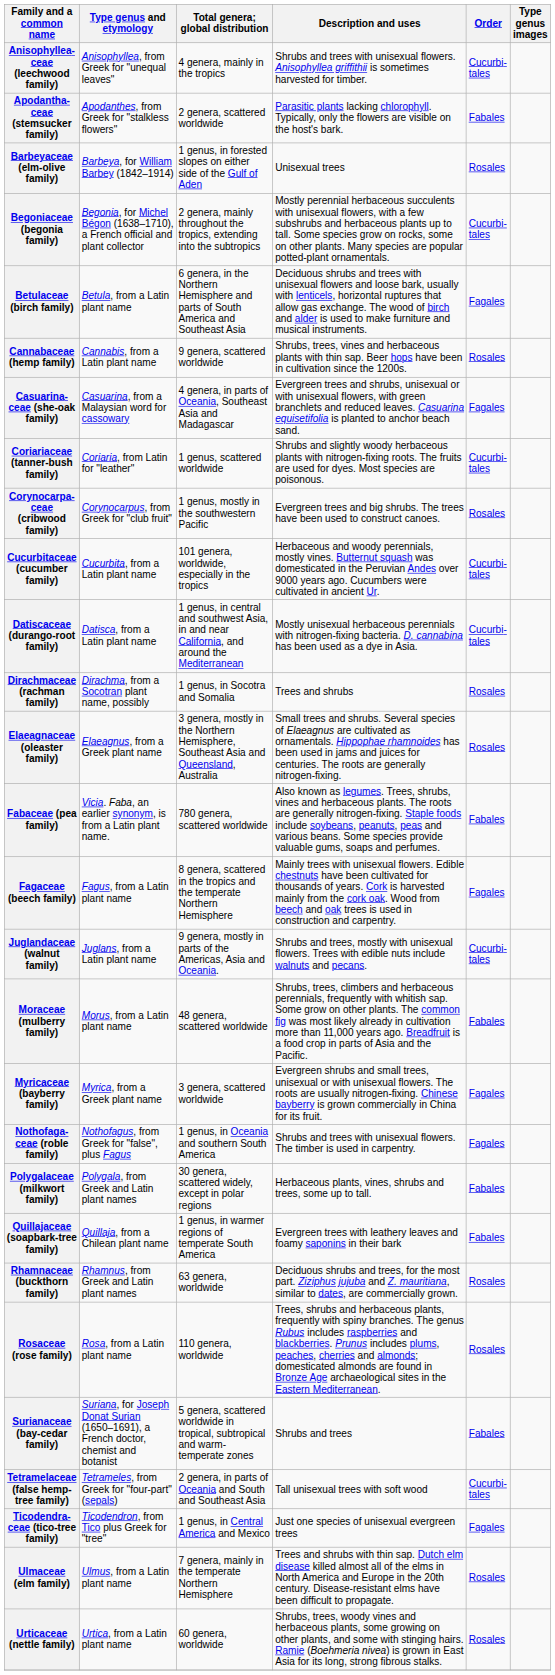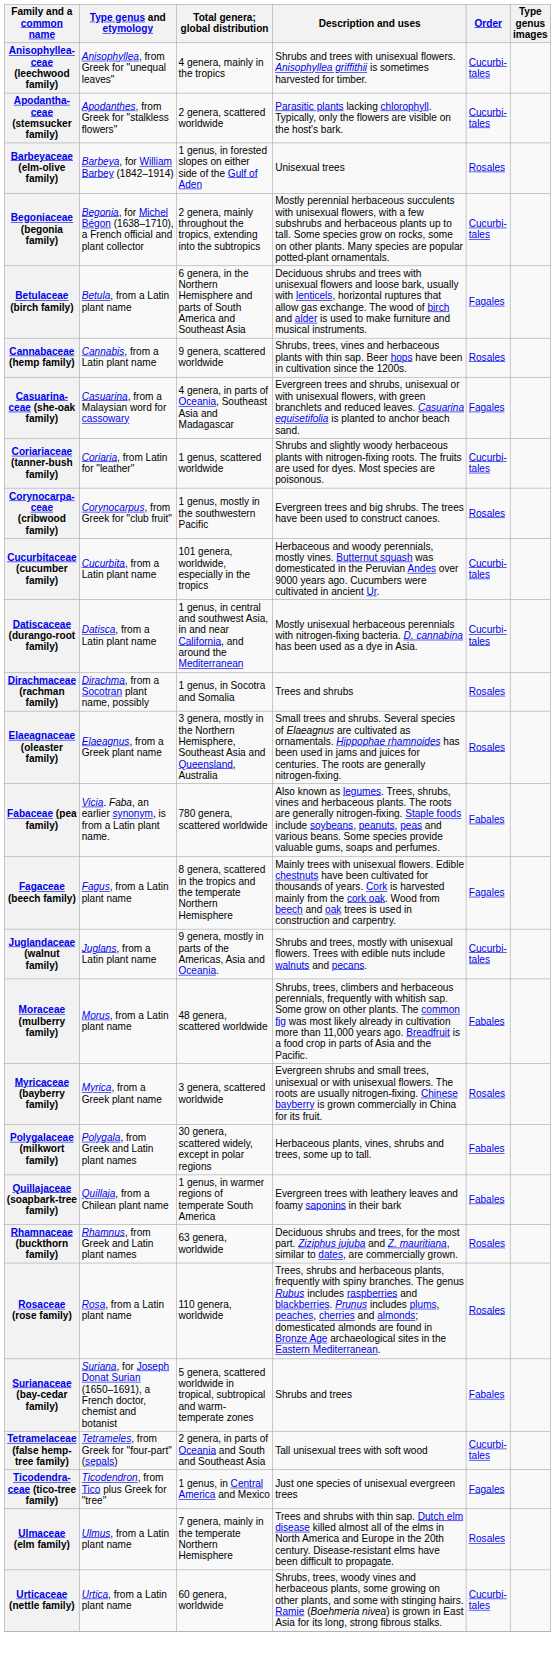 <table class="sortable wikitable plainrowheaders">
 <tr>
 <th scope="col" width="1%">Family and a <a href='#'>common name</a></th>
 <th scope="col" width="15%"><a href='#'>Type genus</a> and <a href='#'>etymology</a></th>
 <th scope="col" width="15%">Total genera; global distribution</th>
 <th scope="col" class=unsortable width="30%" style="min-width:160px;">Description and uses</th>
 <th scope="col" width="1%"><a href='#'>Order</a></th>
 <th scope="col" class=unsortable width="1%">Type genus images</th>
 </tr>
 <tr>
 <th scope="row"><a href='#'>Anisophyllea­ceae</a> (leechwood family)</th>
 <td><em><a href='#'>Anisophyllea</a></em>, from Greek for "unequal leaves"</td>
 <td>4 genera, mainly in the tropics</td>
 <td>Shrubs and trees with unisexual flowers. <em><a href='#'>Anisophyllea griffithii</a></em> is sometimes harvested for timber.</td>
 <td><a href='#'>Cucurbi­tales</a></td>
 <td></td>
 </tr>
 <tr>
 <th scope="row"><a href='#'>Apodantha­ceae</a> (stemsucker family)</th>
 <td><em><a href='#'>Apodanthes</a></em>, from Greek for "stalkless flowers"</td>
 <td>2 genera, scattered worldwide</td>
 <td><a href='#'>Parasitic plants</a> lacking <a href='#'>chlorophyll</a>. Typically, only the flowers are visible on the host's bark.</td>
-<td><a href='#'>Fabales</a></td>
+<td><a href='#'>Cucurbi­tales</a></td>
 <td></td>
 </tr>
 <tr>
 <th scope="row"><a href='#'>Barbeyaceae</a> (elm-olive family)</th>
 <td><em><a href='#'>Barbeya</a></em>, for <a href='#'>William Barbey</a> (1842–1914)</td>
 <td>1 genus, in forested slopes on either side of the <a href='#'>Gulf of Aden</a></td>
 <td>Unisexual trees</td>
 <td><a href='#'>Rosales</a></td>
 <td></td>
 </tr>
 <tr>
 <th scope="row"><a href='#'>Begoniaceae</a> (begonia family)</th>
 <td><em><a href='#'>Begonia</a></em>, for <a href='#'>Michel Bégon</a> (1638–1710), a French official and plant collector</td>
 <td>2 genera, mainly throughout the tropics, extending into the subtropics</td>
 <td>Mostly perennial herbaceous succulents with unisexual flowers, with a few subshrubs and herbaceous plants up to  tall. Some species grow on rocks, some on other plants. Many species are popular potted-plant ornamentals.</td>
 <td><a href='#'>Cucurbi­tales</a></td>
 <td></td>
 </tr>
 <tr>
 <th scope="row"><a href='#'>Betulaceae</a> (birch family)</th>
 <td><em><a href='#'>Betula</a></em>, from a Latin plant name</td>
 <td>6 genera, in the Northern Hemisphere and parts of South America and Southeast Asia</td>
 <td>Deciduous shrubs and trees with unisexual flowers and loose bark, usually with <a href='#'>lenticels</a>, horizontal ruptures that allow gas exchange. The wood of <a href='#'>birch</a> and <a href='#'>alder</a> is used to make furniture and musical instruments.</td>
 <td><a href='#'>Fagales</a></td>
 <td></td>
 </tr>
 <tr>
 <th scope="row"><a href='#'>Cannabaceae</a> (hemp family)</th>
 <td><em><a href='#'>Cannabis</a></em>, from a Latin plant name</td>
 <td>9 genera, scattered worldwide</td>
 <td>Shrubs, trees, vines and herbaceous plants with thin sap. Beer <a href='#'>hops</a> have been in cultivation since the 1200s.</td>
 <td><a href='#'>Rosales</a></td>
 <td></td>
 </tr>
 <tr>
 <th scope="row"><a href='#'>Casuarina­ceae</a> (she-oak family)</th>
 <td><em><a href='#'>Casuarina</a></em>, from a Malaysian word for <a href='#'>cassowary</a></td>
 <td>4 genera, in parts of <a href='#'>Oceania</a>, Southeast Asia and Madagascar</td>
 <td>Evergreen trees and shrubs,  unisexual or with unisexual flowers, with green branchlets and reduced leaves. <em><a href='#'>Casuarina equisetifolia</a></em> is planted to anchor beach sand.</td>
 <td><a href='#'>Fagales</a></td>
 <td></td>
 </tr>
 <tr>
 <th scope="row"><a href='#'>Coriariaceae</a> (tanner-bush family)</th>
 <td><em><a href='#'>Coriaria</a></em>, from Latin for "leather"</td>
 <td>1 genus, scattered worldwide</td>
 <td>Shrubs and slightly woody herbaceous plants with nitrogen-fixing roots. The fruits are used for dyes. Most species are poisonous.</td>
 <td><a href='#'>Cucurbi­tales</a></td>
 <td></td>
 </tr>
 <tr>
 <th scope="row"><a href='#'>Corynocarpa­ceae</a> (cribwood family)</th>
 <td><em><a href='#'>Corynocarpus</a></em>, from Greek for "club fruit"</td>
 <td>1 genus, mostly in the southwestern Pacific</td>
 <td>Evergreen trees and big shrubs. The trees have been used to construct canoes.</td>
 <td><a href='#'>Rosales</a></td>
 <td></td>
 </tr>
 <tr>
 <th scope="row"><a href='#'>Cucurbitaceae</a> (cucumber family)</th>
 <td><em><a href='#'>Cucurbita</a></em>, from a Latin plant name</td>
 <td>101 genera, worldwide, especially in the tropics</td>
 <td>Herbaceous and woody perennials, mostly vines. <a href='#'>Butternut squash</a> was domesticated in the Peruvian <a href='#'>Andes</a> over 9000 years ago. Cucumbers were cultivated in ancient <a href='#'>Ur</a>.</td>
 <td><a href='#'>Cucurbi­tales</a></td>
 <td></td>
 </tr>
 <tr>
 <th scope="row"><a href='#'>Datiscaceae</a> (durango-root family)</th>
 <td><em><a href='#'>Datisca</a></em>, from a Latin plant name</td>
 <td>1 genus, in central and southwest Asia, in and near <a href='#'>California</a>, and around the <a href='#'>Mediterranean</a></td>
 <td>Mostly unisexual herbaceous perennials with nitrogen-fixing bacteria. <em><a href='#'>D. cannabina</a></em> has been used as a dye in Asia.</td>
 <td><a href='#'>Cucurbi­tales</a></td>
 <td></td>
 </tr>
 <tr>
 <th scope="row"><a href='#'>Dirachmaceae</a> (rachman family)</th>
 <td><em><a href='#'>Dirachma</a></em>, from a <a href='#'>Socotran</a> plant name, possibly</td>
 <td>1 genus, in Socotra and Somalia</td>
 <td>Trees and shrubs</td>
 <td><a href='#'>Rosales</a></td>
 <td></td>
 </tr>
 <tr>
 <th scope="row"><a href='#'>Elaeagnaceae</a> (oleaster family)</th>
 <td><em><a href='#'>Elaeagnus</a></em>, from a Greek plant name</td>
 <td>3 genera, mostly in the Northern Hemisphere, Southeast Asia and <a href='#'>Queensland</a>, Australia</td>
 <td>Small trees and shrubs. Several species of <em>Elaeagnus</em> are cultivated as ornamentals. <em><a href='#'>Hippophae rhamnoides</a></em> has been used in jams and juices for centuries. The roots are generally nitrogen-fixing.</td>
 <td><a href='#'>Rosales</a></td>
 <td></td>
 </tr>
 <tr>
 <th scope="row"><a href='#'>Fabaceae</a> (pea family)</th>
 <td><em><a href='#'>Vicia</a></em>. <em>Faba</em>, an earlier <a href='#'>synonym</a>, is from a Latin plant name.</td>
 <td>780 genera, scattered worldwide</td>
 <td>Also known as <a href='#'>legumes</a>. Trees, shrubs, vines and herbaceous plants. The roots are generally nitrogen-fixing. <a href='#'>Staple foods</a> include <a href='#'>soybeans</a>, <a href='#'>peanuts</a>, <a href='#'>peas</a> and various beans. Some species provide valuable gums, soaps and perfumes.</td>
 <td><a href='#'>Fabales</a></td>
 <td></td>
 </tr>
 <tr>
 <th scope="row"><a href='#'>Fagaceae</a> (beech family)</th>
 <td><em><a href='#'>Fagus</a></em>, from a Latin plant name</td>
 <td>8 genera, scattered in the tropics and the temperate  Northern Hemisphere</td>
 <td>Mainly trees with unisexual flowers. Edible <a href='#'>chestnuts</a> have been cultivated for thousands of years. <a href='#'>Cork</a> is harvested mainly from the <a href='#'>cork oak</a>. Wood from <a href='#'>beech</a> and <a href='#'>oak</a> trees is used in construction and carpentry.</td>
 <td><a href='#'>Fagales</a></td>
 <td></td>
 </tr>
 <tr>
 <th scope="row"><a href='#'>Juglandaceae</a> (walnut family)</th>
 <td><em><a href='#'>Juglans</a></em>, from a Latin plant name</td>
 <td>9 genera, mostly in parts of the Americas, Asia and <a href='#'>Oceania</a>.</td>
 <td>Shrubs and trees, mostly with unisexual flowers. Trees with edible nuts include <a href='#'>walnuts</a> and <a href='#'>pecans</a>.</td>
 <td><a href='#'>Cucurbi­tales</a></td>
 <td></td>
 </tr>
 <tr>
 <th scope="row"><a href='#'>Moraceae</a> (mulberry family)</th>
 <td><em><a href='#'>Morus</a></em>, from a Latin plant name</td>
 <td>48 genera, scattered worldwide</td>
 <td>Shrubs, trees, climbers and herbaceous perennials, frequently with whitish sap. Some grow on other plants. The <a href='#'>common fig</a> was most likely already in cultivation more than 11,000 years ago. <a href='#'>Breadfruit</a> is a food crop in parts of Asia and the Pacific.</td>
 <td><a href='#'>Fabales</a></td>
 <td></td>
 </tr>
 <tr>
 <th scope="row"><a href='#'>Myricaceae</a> (bayberry family)</th>
 <td><em><a href='#'>Myrica</a></em>, from a Greek plant name</td>
 <td>3 genera, scattered worldwide</td>
 <td>Evergreen shrubs and small trees, unisexual or with unisexual flowers. The roots are usually nitrogen-fixing. <a href='#'>Chinese bayberry</a> is grown commercially in China for its fruit.</td>
-<td><a href='#'>Fagales</a></td>
-<td></td>
-</tr>
-<tr>
-<th scope="row"><a href='#'>Nothofaga­ceae</a> (roble family)</th>
-<td><em><a href='#'>Nothofagus</a></em>, from Greek for "false", plus <em><a href='#'>Fagus</a></em></td>
-<td>1 genus, in <a href='#'>Oceania</a> and southern South America</td>
-<td>Shrubs and trees with unisexual flowers. The timber is used in carpentry.</td>
-<td><a href='#'>Fagales</a></td>
+<td><a href='#'>Rosales</a></td>
 <td></td>
 </tr>
 <tr>
 <th scope="row"><a href='#'>Polygalaceae</a> (milkwort family)</th>
 <td><em><a href='#'>Polygala</a></em>, from Greek and Latin plant names</td>
 <td>30 genera, scattered widely, except in polar regions</td>
 <td>Herbaceous plants, vines, shrubs and trees, some up to  tall.</td>
 <td><a href='#'>Fabales</a></td>
 <td></td>
 </tr>
 <tr>
 <th scope="row"><a href='#'>Quillajaceae</a> (soapbark-tree family)</th>
 <td><em><a href='#'>Quillaja</a></em>, from a Chilean plant name</td>
 <td>1 genus, in warmer regions of temperate South America</td>
 <td>Evergreen trees with leathery leaves and foamy <a href='#'>saponins</a> in their bark</td>
 <td><a href='#'>Fabales</a></td>
 <td></td>
 </tr>
 <tr>
 <th scope="row"><a href='#'>Rhamnaceae</a> (buckthorn family)</th>
 <td><em><a href='#'>Rhamnus</a></em>, from Greek and Latin plant names</td>
 <td>63 genera, worldwide</td>
 <td>Deciduous shrubs and trees, for the most part. <em><a href='#'>Ziziphus jujuba</a></em> and <a href='#'><em>Z. mauritiana</em></a>, similar to <a href='#'>dates</a>, are commercially grown.</td>
 <td><a href='#'>Rosales</a></td>
 <td></td>
 </tr>
 <tr>
 <th scope="row"><a href='#'>Rosaceae</a> (rose family)</th>
 <td><em><a href='#'>Rosa</a></em>, from a Latin plant name</td>
 <td>110 genera, worldwide</td>
 <td>Trees, shrubs and herbaceous plants, frequently with spiny branches. The genus <em><a href='#'>Rubus</a></em> includes <a href='#'>raspberries</a> and <a href='#'>blackberries</a>. <em><a href='#'>Prunus</a></em> includes <a href='#'>plums</a>, <a href='#'>peaches</a>, <a href='#'>cherries</a> and <a href='#'>almonds</a>; domesticated almonds are found in <a href='#'>Bronze Age</a> archaeological sites in the <a href='#'>Eastern Mediterranean</a>.</td>
 <td><a href='#'>Rosales</a></td>
 <td></td>
 </tr>
 <tr>
 <th scope="row"><a href='#'>Surianaceae</a> (bay-cedar family)</th>
 <td><em><a href='#'>Suriana</a></em>, for <a href='#'>Joseph Donat Surian</a> (1650–1691), a French doctor, chemist and botanist</td>
 <td>5 genera, scattered worldwide in tropical, subtropical and warm-temperate zones</td>
 <td>Shrubs and trees</td>
 <td><a href='#'>Fabales</a></td>
 <td></td>
 </tr>
 <tr>
 <th scope="row"><a href='#'>Tetramelaceae</a> (false hemp-tree family)</th>
 <td><em><a href='#'>Tetrameles</a></em>, from Greek for "four-part" (<a href='#'>sepals</a>)</td>
 <td>2 genera, in parts of <a href='#'>Oceania</a> and South and Southeast Asia</td>
 <td>Tall unisexual trees with soft wood</td>
 <td><a href='#'>Cucurbi­tales</a></td>
 <td></td>
 </tr>
 <tr>
 <th scope="row"><a href='#'>Ticodendra­ceae</a> (tico-tree family)</th>
 <td><em><a href='#'>Ticodendron</a></em>, from <a href='#'>Tico</a> plus Greek for "tree"</td>
 <td>1 genus, in <a href='#'>Central America</a> and Mexico</td>
 <td>Just one species of unisexual evergreen trees</td>
 <td><a href='#'>Fagales</a></td>
 <td></td>
 </tr>
 <tr>
 <th scope="row"><a href='#'>Ulmaceae</a> (elm family)</th>
 <td><em><a href='#'>Ulmus</a></em>, from a Latin plant name</td>
 <td>7 genera, mainly in the temperate Northern Hemisphere</td>
 <td>Trees and shrubs with thin sap. <a href='#'>Dutch elm disease</a> killed almost all of the elms in North America and Europe in the 20th century. Disease-resistant elms have been difficult to propagate.</td>
 <td><a href='#'>Rosales</a></td>
 <td></td>
 </tr>
 <tr>
 <th scope="row"><a href='#'>Urticaceae</a> (nettle family)</th>
 <td><em><a href='#'>Urtica</a></em>, from a Latin plant name</td>
 <td>60 genera, worldwide</td>
 <td>Shrubs, trees, woody vines and herbaceous plants, some growing on other plants, and some with stinging hairs. <a href='#'>Ramie</a> (<em>Boehmeria nivea</em>) is grown in East Asia for its long, strong fibrous stalks.</td>
-<td><a href='#'>Rosales</a></td>
+<td><a href='#'>Cucurbi­tales</a></td>
 <td></td>
 </tr>
 <tr>
 </tr>
 </table>
